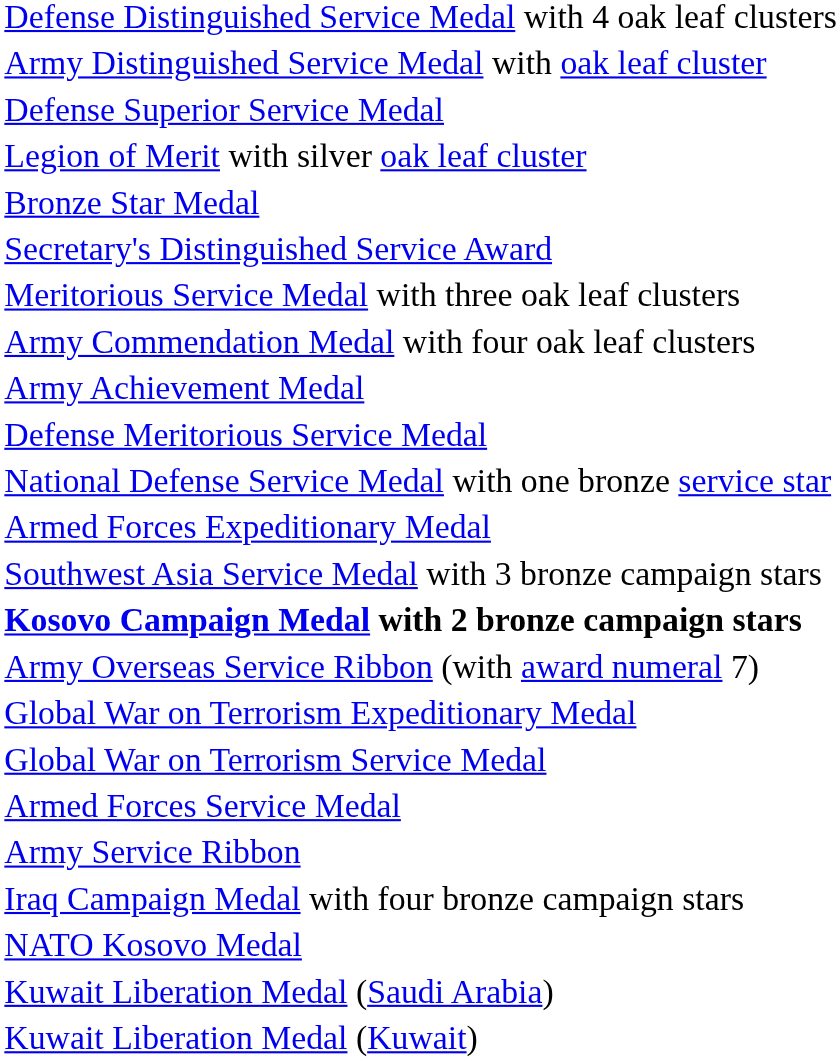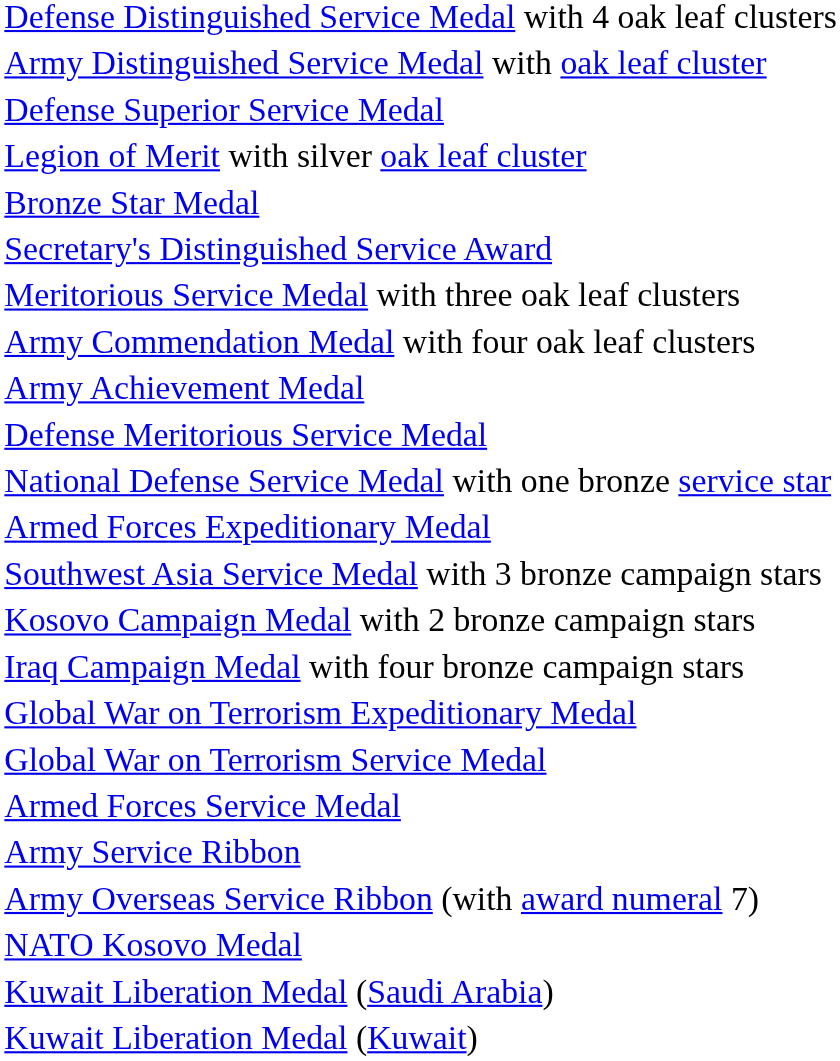 <table>
 <tr>
 <td> <a href='#'>Defense Distinguished Service Medal</a> with 4 oak leaf clusters</td>
 </tr>
 <tr>
 <td> <a href='#'>Army Distinguished Service Medal</a> with <a href='#'>oak leaf cluster</a></td>
 </tr>
 <tr>
 <td> <a href='#'>Defense Superior Service Medal</a></td>
 </tr>
 <tr>
 <td> <a href='#'>Legion of Merit</a> with silver <a href='#'>oak leaf cluster</a></td>
 </tr>
 <tr>
 <td> <a href='#'>Bronze Star Medal</a></td>
 </tr>
 <tr>
 <td> <a href='#'>Secretary's Distinguished Service Award</a></td>
 </tr>
 <tr>
 <td> <a href='#'>Meritorious Service Medal</a> with three oak leaf clusters</td>
 </tr>
 <tr>
 <td> <a href='#'>Army Commendation Medal</a> with four oak leaf clusters</td>
 </tr>
 <tr>
 <td> <a href='#'>Army Achievement Medal</a></td>
 </tr>
 <tr>
 <td> <a href='#'>Defense Meritorious Service Medal</a></td>
 </tr>
 <tr>
 <td> <a href='#'>National Defense Service Medal</a> with one bronze <a href='#'>service star</a></td>
 </tr>
 <tr>
 <td> <a href='#'>Armed Forces Expeditionary Medal</a></td>
 </tr>
 <tr>
 <td> <a href='#'>Southwest Asia Service Medal</a> with 3 bronze campaign stars</td>
 </tr>
 <tr>
-<td><strong> <a href='#'>Kosovo Campaign Medal</a> with 2 bronze campaign stars</strong></td>
+<td> <a href='#'>Kosovo Campaign Medal</a> with 2 bronze campaign stars</td>
 </tr>
 <tr>
-<td><span></span> <a href='#'>Army Overseas Service Ribbon</a> (with <a href='#'>award numeral</a> 7)</td>
+<td> <a href='#'>Iraq Campaign Medal</a> with four bronze campaign stars</td>
 </tr>
 <tr>
 <td><a href='#'>Global War on Terrorism Expeditionary Medal</a></td>
 </tr>
 <tr>
 <td> <a href='#'>Global War on Terrorism Service Medal</a></td>
 </tr>
 <tr>
 <td> <a href='#'>Armed Forces Service Medal</a></td>
 </tr>
 <tr>
 <td> <a href='#'>Army Service Ribbon</a></td>
 </tr>
 <tr>
-<td> <a href='#'>Iraq Campaign Medal</a> with four bronze campaign stars</td>
+<td><span></span> <a href='#'>Army Overseas Service Ribbon</a> (with <a href='#'>award numeral</a> 7)</td>
 </tr>
 <tr>
 <td> <a href='#'>NATO Kosovo Medal</a></td>
 </tr>
 <tr>
 <td> <a href='#'>Kuwait Liberation Medal</a> (<a href='#'>Saudi Arabia</a>)</td>
 </tr>
 <tr>
 <td> <a href='#'>Kuwait Liberation Medal</a> (<a href='#'>Kuwait</a>)</td>
 </tr>
 </table>
